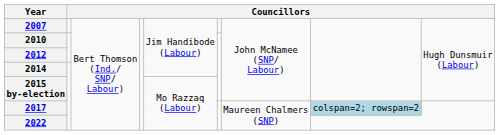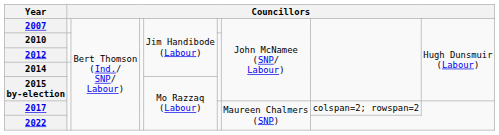 <table class="wikitable" style="text-align:center">
 <tr>
 <th>Year</th>
 <th colspan=8>Councillors</th>
 </tr>
 <tr>
 <th><a href='#'>2007</a></th>
 <td rowspan=1; style="background-color: "></td>
 <td rowspan=7>Bert Thomson<br>(<a href='#'>Ind.</a>/<br><a href='#'>SNP</a>/<br><a href='#'>Labour</a>)</td>
 <td rowspan=7; style="background-color: "></td>
 <td rowspan=4>Jim Handibode<br>(<a href='#'>Labour</a>)</td>
 <td rowspan=1; style="background-color: "></td>
 <td rowspan=5>John McNamee<br>(<a href='#'>SNP</a>/<br><a href='#'>Labour</a>)</td>
 <td rowspan=5; style="background-color: "></td>
 <td rowspan=5>Hugh Dunsmuir<br>(<a href='#'>Labour</a>)</td>
 </tr>
 <tr>
 <th>2010</th>
 <td rowspan=2; style="background-color: "></td>
 <td rowspan=4; style="background-color: "></td>
 </tr>
 <tr>
 <th><a href='#'>2012</a></th>
 </tr>
 <tr>
 <th>2014</th>
 <td rowspan=4; style="background-color: "></td>
 </tr>
 <tr>
 <th>2015<br>by-election</th>
 <td rowspan=3>Mo Razzaq<br>(<a href='#'>Labour</a>)</td>
 </tr>
 <tr>
 <th><a href='#'>2017</a></th>
 <td rowspan=2; style="background-color: "></td>
 <td rowspan=2>Maureen Chalmers<br>(<a href='#'>SNP</a>)</td>
-<td style="background: lightblue;">colspan=2; rowspan=2 </td>
+<td>colspan=2; rowspan=2 </td>
 </tr>
 <tr>
 <th><a href='#'>2022</a></th>
 </tr>
 </table>
